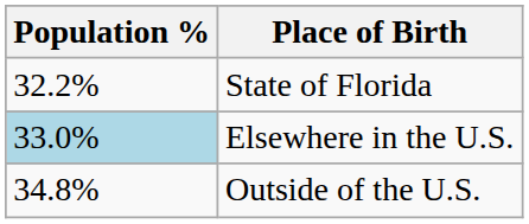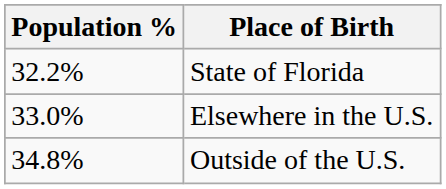 <table class="wikitable">
 <tr>
 <th>Population %</th>
 <th>Place of Birth</th>
 </tr>
 <tr>
 <td>32.2%</td>
 <td>State of Florida</td>
 </tr>
 <tr>
-<td style="background: lightblue;">33.0%</td>
+<td>33.0%</td>
 <td>Elsewhere in the U.S.</td>
 </tr>
 <tr>
 <td>34.8%</td>
 <td>Outside of the U.S.</td>
 </tr>
 </table>
